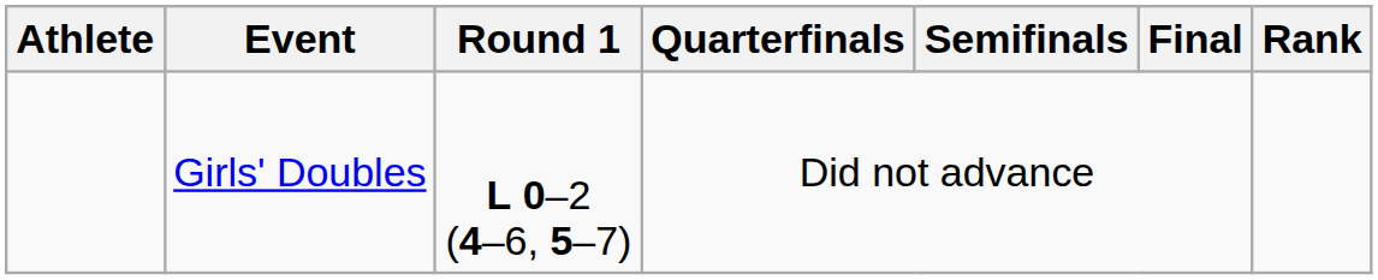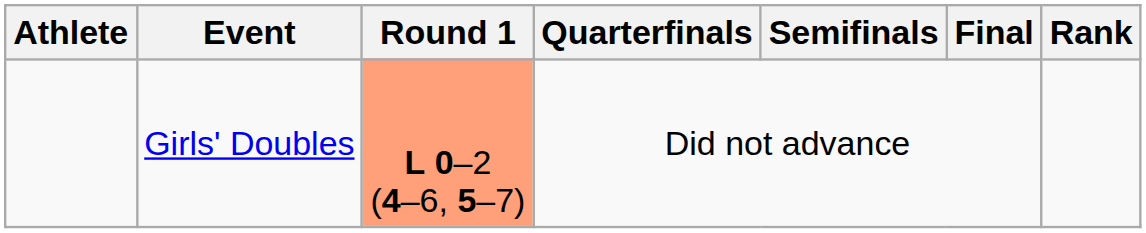 <table class=wikitable style="font-size:90%">
 <tr>
 <th>Athlete</th>
 <th>Event</th>
 <th>Round 1</th>
 <th>Quarterfinals</th>
 <th>Semifinals</th>
 <th>Final</th>
 <th>Rank</th>
 </tr>
 <tr>
 <td> <br></td>
 <td><a href='#'>Girls' Doubles</a></td>
-<td align=center><br><br><strong>L</strong> <strong>0</strong>–2<br> (<strong>4</strong>–6, <strong>5</strong>–7)</td>
+<td align=center style="background: lightsalmon;"><br><br><strong>L</strong> <strong>0</strong>–2<br> (<strong>4</strong>–6, <strong>5</strong>–7)</td>
 <td colspan=3 align=center>Did not advance</td>
 <td align=center></td>
 </tr>
 </table>
